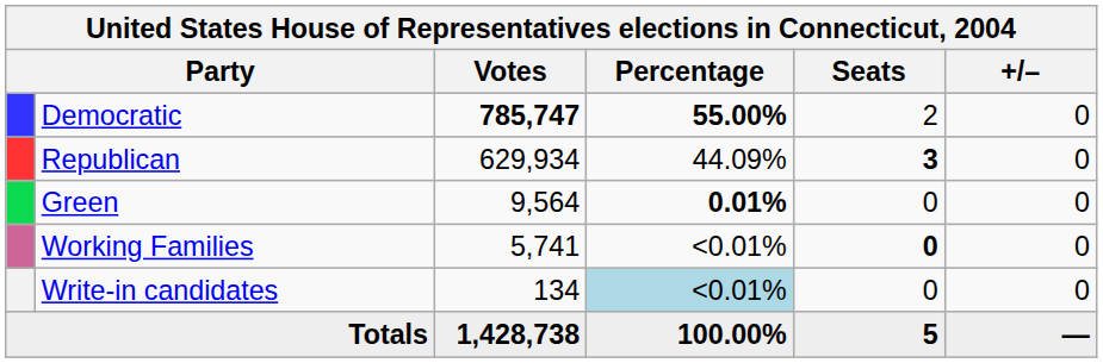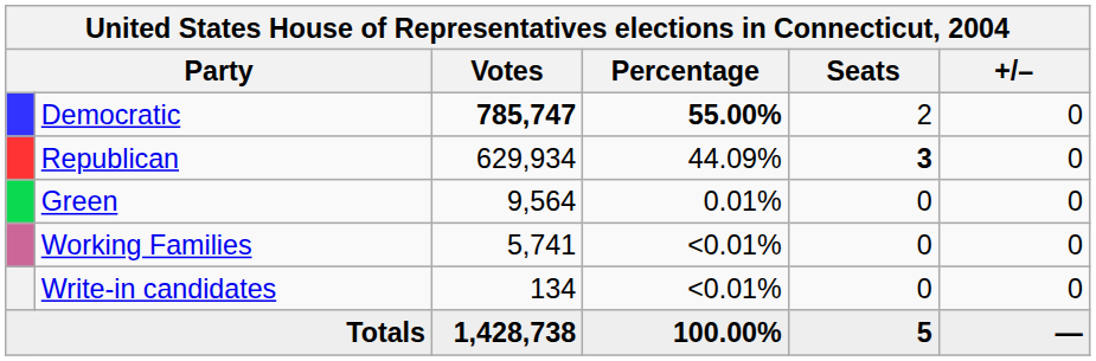 <table class="wikitable" style="font-size: 95%;">
 <tr>
 <th colspan="6">United States House of Representatives elections in Connecticut, 2004</th>
 </tr>
 <tr>
 <th colspan=2 style="width: 15em">Party</th>
 <th style="width: 5em">Votes</th>
 <th style="width: 7em">Percentage</th>
 <th style="width: 5em">Seats</th>
 <th style="width: 5em">+/–</th>
 </tr>
 <tr>
 <th style="background-color:#3333FF; width: 3px"></th>
 <td style="width: 130px"><a href='#'>Democratic</a></td>
 <td align="right"><strong>785,747</strong></td>
 <td align="right"><strong>55.00%</strong></td>
 <td align="right">2</td>
 <td align="right">0</td>
 </tr>
 <tr>
 <th style="background-color:#FF3333; width: 3px"></th>
 <td style="width: 130px"><a href='#'>Republican</a></td>
 <td align="right">629,934</td>
 <td align="right">44.09%</td>
 <td align="right"><strong>3</strong></td>
 <td align="right">0</td>
 </tr>
 <tr>
 <th style="background-color:#0BDA51; width: 3px"></th>
 <td style="width: 130px"><a href='#'>Green</a></td>
 <td align="right">9,564</td>
-<td align="right"><strong>0.01%</strong></td>
+<td align="right">0.01%</td>
 <td align="right">0</td>
 <td align="right">0</td>
 </tr>
 <tr>
 <td ! style="background-color:#CC6699; width: 3px"></td>
 <td style="width: 130px"><a href='#'>Working Families</a></td>
 <td align="right">5,741</td>
 <td align="right"><0.01%</td>
-<td align="right"><strong>0</strong></td>
+<td align="right">0</td>
 <td align="right">0</td>
 </tr>
 <tr>
 <th style="background-color:#white; width: 3px"></th>
 <td style="width: 130px"><a href='#'>Write-in candidates</a></td>
 <td align="right">134</td>
-<td align="right" style="background: lightblue;"><0.01%</td>
+<td align="right"><0.01%</td>
 <td align="right">0</td>
 <td align="right">0</td>
 </tr>
 <tr bgcolor="#EEEEEE">
 <td colspan="2" align="right"><strong>Totals</strong></td>
 <td align="right"><strong>1,428,738</strong></td>
 <td align="right"><strong>100.00%</strong></td>
 <td align="right"><strong>5</strong></td>
 <td align="right"><strong>—</strong></td>
 </tr>
 </table>
